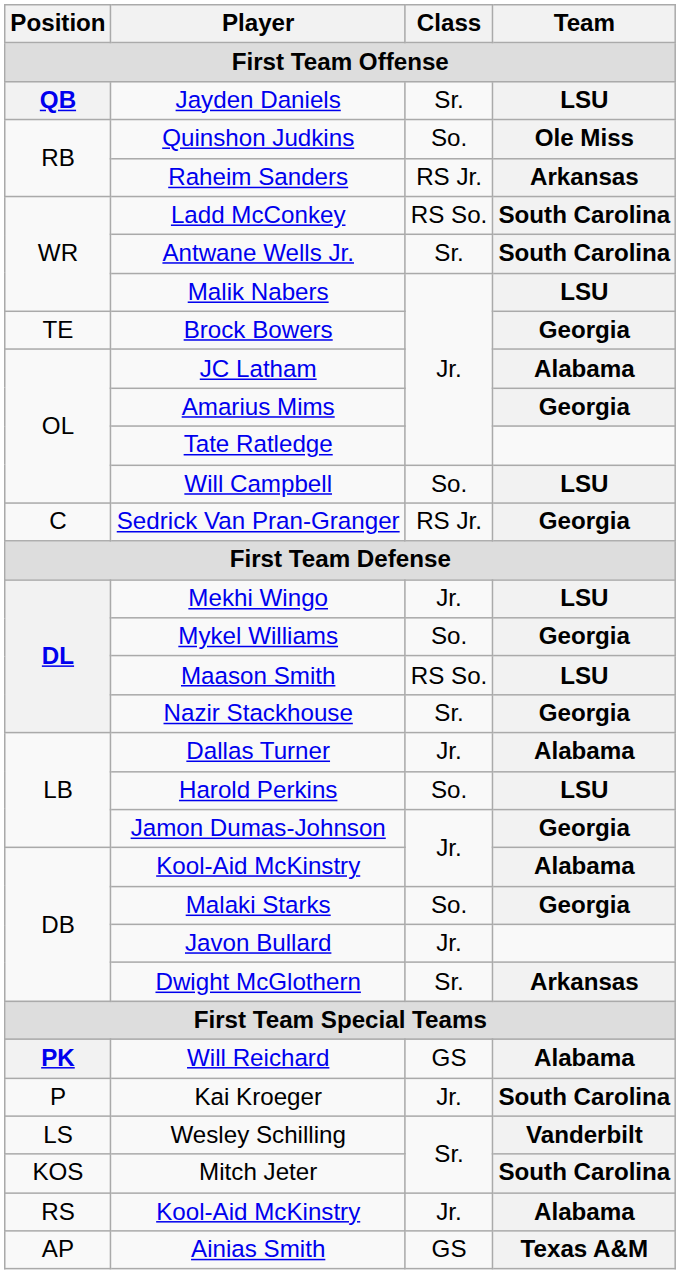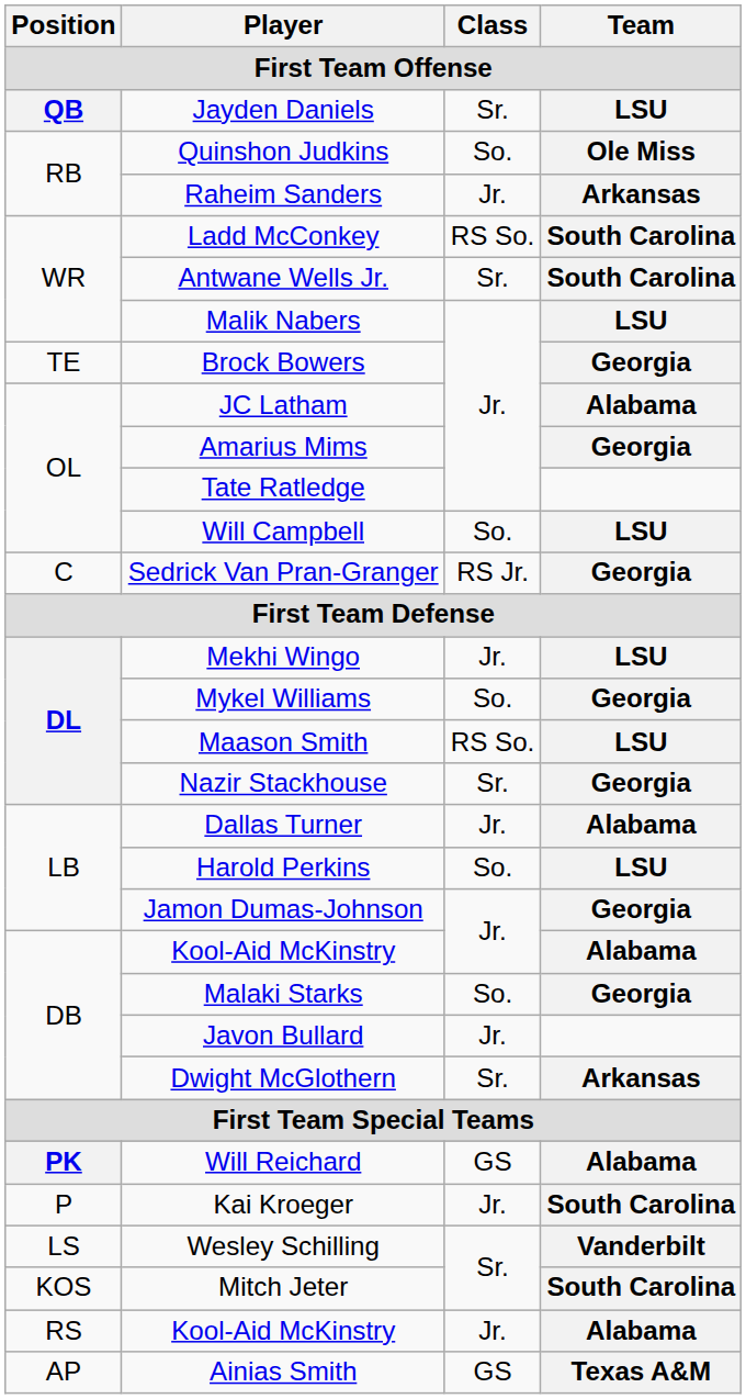 <table class="wikitable">
 <tr>
 <th>Position</th>
 <th>Player</th>
 <th>Class</th>
 <th>Team</th>
 </tr>
 <tr>
 <td colspan="4" style="text-align:center; background:#ddd;"><strong>First Team Offense</strong></td>
 </tr>
 <tr style="text-align:center;">
 <th rowspan="1"><a href='#'>QB</a></th>
 <td><a href='#'>Jayden Daniels</a></td>
 <td>Sr.</td>
 <th>LSU</th>
 </tr>
 <tr style="text-align:center;">
 <td rowspan=2>RB</td>
 <td><a href='#'>Quinshon Judkins</a></td>
 <td>So.</td>
 <th>Ole Miss</th>
 </tr>
 <tr style="text-align:center;">
 <td><a href='#'>Raheim Sanders</a></td>
-<td>RS Jr.</td>
+<td>Jr.</td>
 <th>Arkansas</th>
 </tr>
 <tr style="text-align:center;">
 <td rowspan=3>WR</td>
 <td><a href='#'>Ladd McConkey</a></td>
 <td>RS So.</td>
 <th>South Carolina</th>
 </tr>
 <tr style="text-align:center;">
 <td><a href='#'>Antwane Wells Jr.</a></td>
 <td>Sr.</td>
 <th>South Carolina</th>
 </tr>
 <tr style="text-align:center;">
 <td><a href='#'>Malik Nabers</a></td>
 <td rowspan=5>Jr.</td>
 <th>LSU</th>
 </tr>
 <tr style="text-align:center;">
 <td>TE</td>
 <td><a href='#'>Brock Bowers</a></td>
 <th>Georgia</th>
 </tr>
 <tr style="text-align:center;">
 <td rowspan=4>OL</td>
 <td><a href='#'>JC Latham</a></td>
 <th>Alabama</th>
 </tr>
 <tr style="text-align:center;">
 <td><a href='#'>Amarius Mims</a></td>
 <th>Georgia</th>
 </tr>
 <tr style="text-align:center;">
 <td><a href='#'>Tate Ratledge</a></td>
 </tr>
 <tr style="text-align:center;">
 <td><a href='#'>Will Campbell</a></td>
 <td>So.</td>
 <th>LSU</th>
 </tr>
 <tr style="text-align:center;">
 <td>C</td>
 <td><a href='#'>Sedrick Van Pran-Granger</a></td>
 <td>RS Jr.</td>
 <th>Georgia</th>
 </tr>
 <tr style="text-align:center;">
 <td colspan="4" style="text-align:center; background:#ddd;"><strong>First Team Defense</strong></td>
 </tr>
 <tr style="text-align:center;">
 <th rowspan="4"><a href='#'>DL</a></th>
 <td><a href='#'>Mekhi Wingo</a></td>
 <td>Jr.</td>
 <th>LSU</th>
 </tr>
 <tr style="text-align:center;">
 <td><a href='#'>Mykel Williams</a></td>
 <td>So.</td>
 <th>Georgia</th>
 </tr>
 <tr style="text-align:center;">
 <td><a href='#'>Maason Smith</a></td>
 <td>RS So.</td>
 <th>LSU</th>
 </tr>
 <tr style="text-align:center;">
 <td><a href='#'>Nazir Stackhouse</a></td>
 <td>Sr.</td>
 <th>Georgia</th>
 </tr>
 <tr style="text-align:center;">
 <td rowspan=3>LB</td>
 <td><a href='#'>Dallas Turner</a></td>
 <td>Jr.</td>
 <th>Alabama</th>
 </tr>
 <tr style="text-align:center;">
 <td><a href='#'>Harold Perkins</a></td>
 <td>So.</td>
 <th>LSU</th>
 </tr>
 <tr style="text-align:center;">
 <td><a href='#'>Jamon Dumas-Johnson</a></td>
 <td rowspan=2>Jr.</td>
 <th>Georgia</th>
 </tr>
 <tr style="text-align:center;">
 <td rowspan=4>DB</td>
 <td><a href='#'>Kool-Aid McKinstry</a></td>
 <th>Alabama</th>
 </tr>
 <tr style="text-align:center;">
 <td><a href='#'>Malaki Starks</a></td>
 <td>So.</td>
 <th>Georgia</th>
 </tr>
 <tr style="text-align:center;">
 <td><a href='#'>Javon Bullard</a></td>
 <td>Jr.</td>
 </tr>
 <tr style="text-align:center;">
 <td><a href='#'>Dwight McGlothern</a></td>
 <td>Sr.</td>
 <th>Arkansas</th>
 </tr>
 <tr>
 <td colspan="4" style="text-align:center; background:#ddd;"><strong>First Team Special Teams</strong></td>
 </tr>
 <tr style="text-align:center;">
 <th rowspan="1"><a href='#'>PK</a></th>
 <td><a href='#'>Will Reichard</a></td>
 <td>GS</td>
 <th>Alabama</th>
 </tr>
 <tr style="text-align:center;">
 <td>P</td>
 <td>Kai Kroeger</td>
 <td>Jr.</td>
 <th>South Carolina</th>
 </tr>
 <tr style="text-align:center;">
 <td>LS</td>
 <td>Wesley Schilling</td>
 <td rowspan=2>Sr.</td>
 <th>Vanderbilt</th>
 </tr>
 <tr style="text-align:center;">
 <td>KOS</td>
 <td>Mitch Jeter</td>
 <th>South Carolina</th>
 </tr>
 <tr style="text-align:center;">
 <td>RS</td>
 <td><a href='#'>Kool-Aid McKinstry</a></td>
 <td>Jr.</td>
 <th>Alabama</th>
 </tr>
 <tr style="text-align:center;">
 <td>AP</td>
 <td><a href='#'>Ainias Smith</a></td>
 <td>GS</td>
 <th>Texas A&M</th>
 </tr>
 </table>
